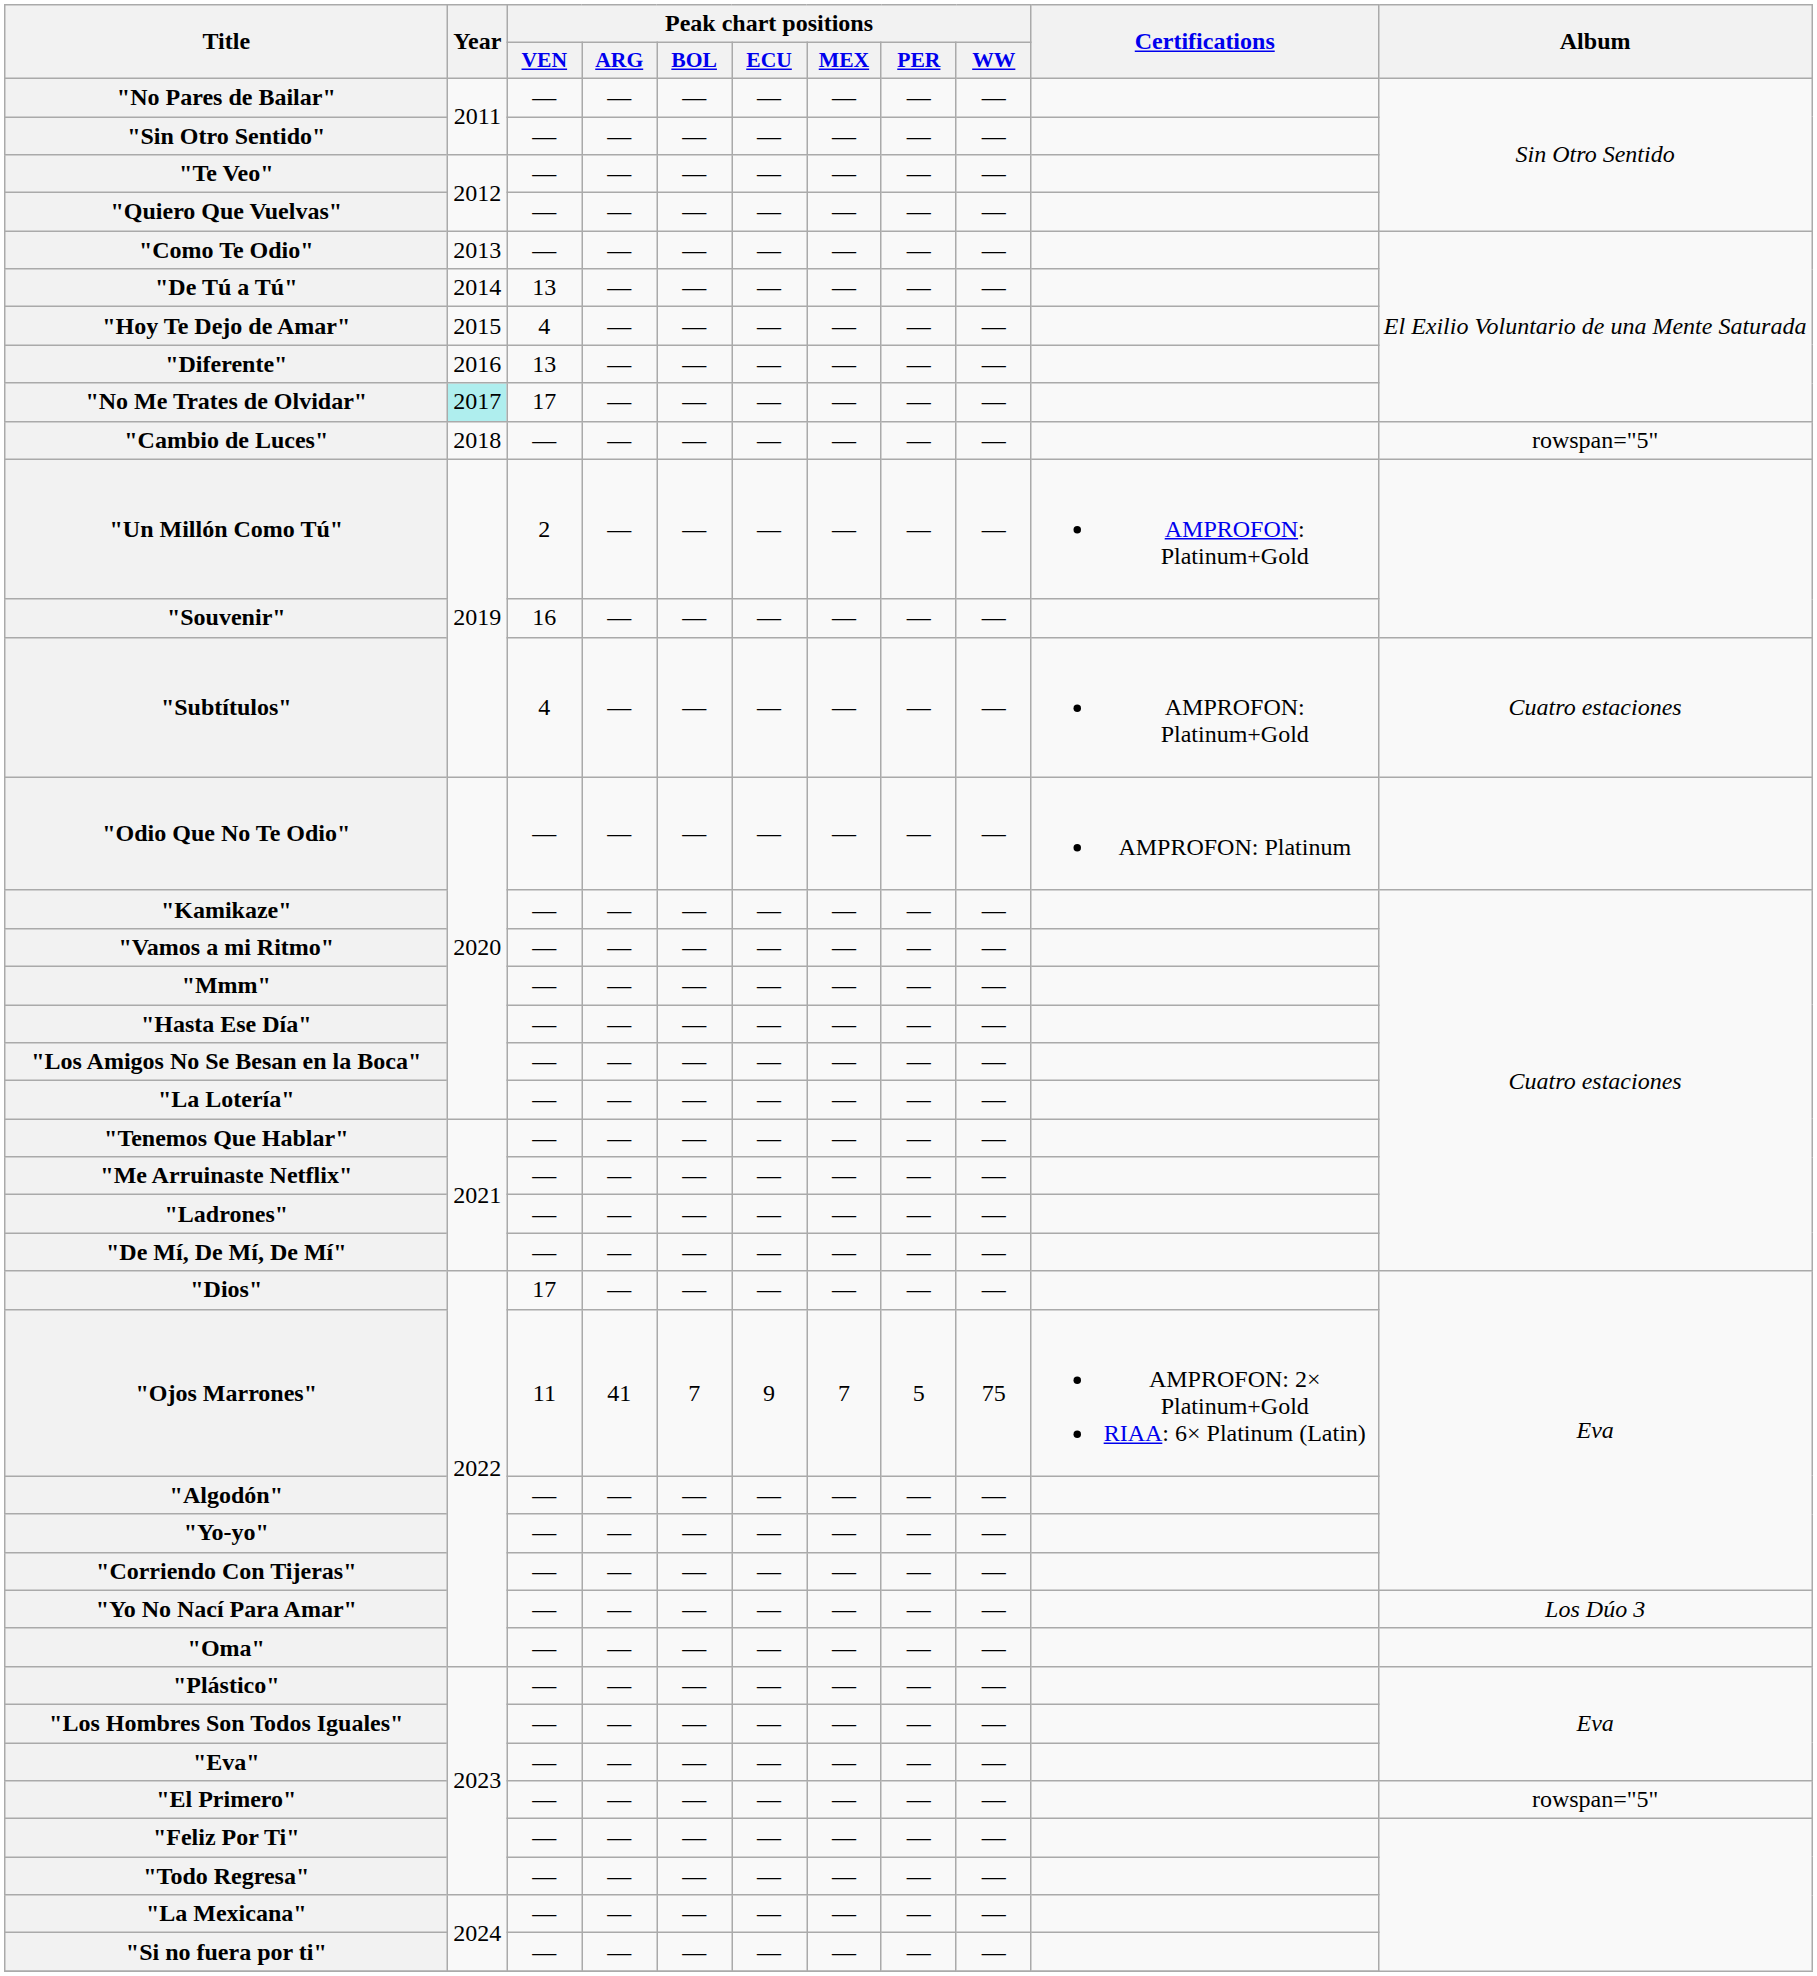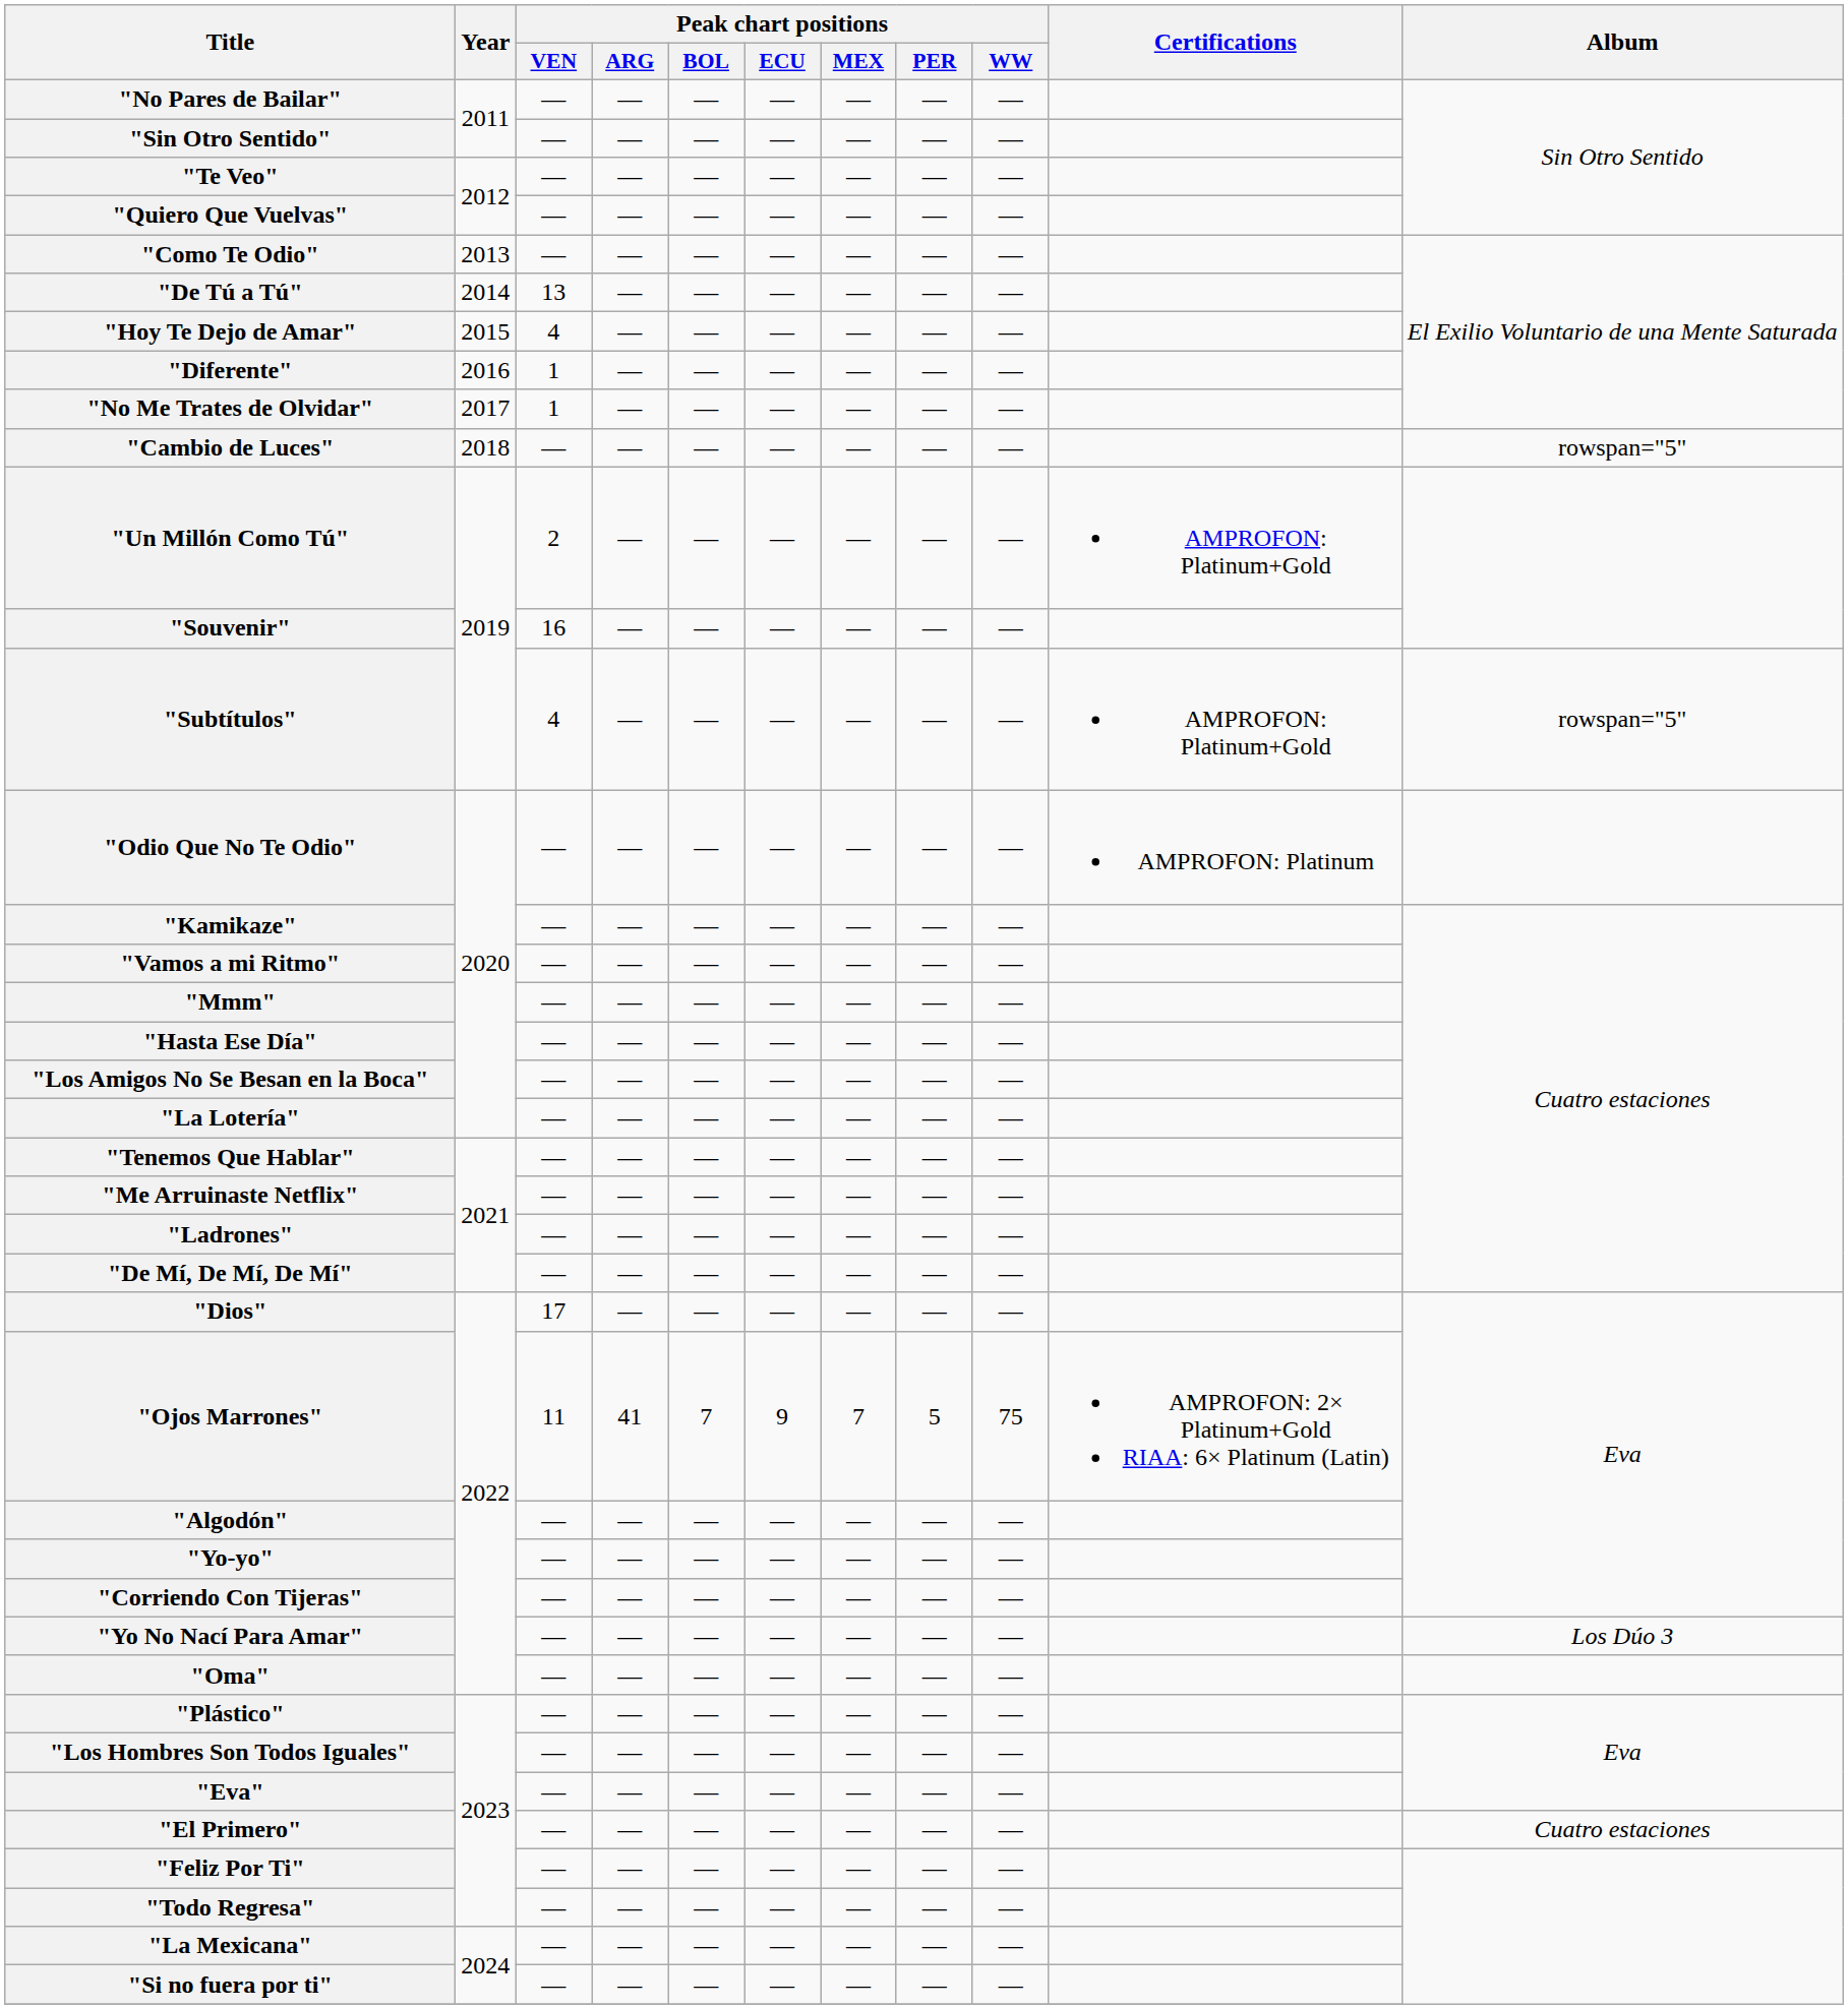 <table class="wikitable plainrowheaders" style="text-align:center;">
 <tr>
 <th scope="col" rowspan="2" style="width:18em;">Title</th>
 <th scope="col" rowspan="2">Year</th>
 <th scope="col" colspan="7">Peak chart positions</th>
 <th scope="col" rowspan="2" style="width:14em;"><a href='#'>Certifications</a></th>
 <th scope="col" rowspan="2">Album</th>
 </tr>
 <tr>
 <th scope="col" style="width:3em;font-size:90%;"><a href='#'>VEN</a><br></th>
 <th scope="col" style="width:3em;font-size:90%;"><a href='#'>ARG</a><br></th>
 <th scope="col" style="width:3em;font-size:90%;"><a href='#'>BOL</a><br></th>
 <th scope="col" style="width:3em;font-size:90%;"><a href='#'>ECU</a><br></th>
 <th scope="col" style="width:3em;font-size:90%;"><a href='#'>MEX</a><br></th>
 <th scope="col" style="width:3em;font-size:90%;"><a href='#'>PER</a><br></th>
 <th scope="col" style="width:3em;font-size:90%;"><a href='#'>WW</a><br></th>
 </tr>
 <tr>
 <th scope="row">"No Pares de Bailar"</th>
 <td rowspan="2">2011</td>
 <td>—</td>
 <td>—</td>
 <td>—</td>
 <td>—</td>
 <td>—</td>
 <td>—</td>
 <td>—</td>
 <td></td>
 <td rowspan="4"><em>Sin Otro Sentido</em></td>
 </tr>
 <tr>
 <th scope="row">"Sin Otro Sentido"</th>
 <td>—</td>
 <td>—</td>
 <td>—</td>
 <td>—</td>
 <td>—</td>
 <td>—</td>
 <td>—</td>
 <td></td>
 </tr>
 <tr>
 <th scope="row">"Te Veo"</th>
 <td rowspan="2">2012</td>
 <td>—</td>
 <td>—</td>
 <td>—</td>
 <td>—</td>
 <td>—</td>
 <td>—</td>
 <td>—</td>
 <td></td>
 </tr>
 <tr>
 <th scope="row">"Quiero Que Vuelvas"<br></th>
 <td>—</td>
 <td>—</td>
 <td>—</td>
 <td>—</td>
 <td>—</td>
 <td>—</td>
 <td>—</td>
 <td></td>
 </tr>
 <tr>
 <th scope="row">"Como Te Odio"</th>
 <td>2013</td>
 <td>—</td>
 <td>—</td>
 <td>—</td>
 <td>—</td>
 <td>—</td>
 <td>—</td>
 <td>—</td>
 <td></td>
 <td rowspan="5"><em>El Exilio Voluntario de una Mente Saturada</em></td>
 </tr>
 <tr>
 <th scope="row">"De Tú a Tú"</th>
 <td>2014</td>
 <td>13</td>
 <td>—</td>
 <td>—</td>
 <td>—</td>
 <td>—</td>
 <td>—</td>
 <td>—</td>
 <td></td>
 </tr>
 <tr>
 <th scope="row">"Hoy Te Dejo de Amar"</th>
 <td>2015</td>
 <td>4</td>
 <td>—</td>
 <td>—</td>
 <td>—</td>
 <td>—</td>
 <td>—</td>
 <td>—</td>
 <td></td>
 </tr>
 <tr>
 <th scope="row">"Diferente"</th>
 <td>2016</td>
-<td>13</td>
+<td>1</td>
 <td>—</td>
 <td>—</td>
 <td>—</td>
 <td>—</td>
 <td>—</td>
 <td>—</td>
 <td></td>
 </tr>
 <tr>
 <th scope="row">"No Me Trates de Olvidar"</th>
-<td style="background: paleturquoise;">2017</td>
-<td>17</td>
+<td>2017</td>
+<td>1</td>
 <td>—</td>
 <td>—</td>
 <td>—</td>
 <td>—</td>
 <td>—</td>
 <td>—</td>
 <td></td>
 </tr>
 <tr>
 <th scope="row">"Cambio de Luces"<br></th>
 <td>2018</td>
 <td>—</td>
 <td>—</td>
 <td>—</td>
 <td>—</td>
 <td>—</td>
 <td>—</td>
 <td>—</td>
 <td></td>
 <td>rowspan="5" </td>
 </tr>
 <tr>
 <th scope="row">"Un Millón Como Tú"<br></th>
 <td rowspan="3">2019</td>
 <td>2</td>
 <td>—</td>
 <td>—</td>
 <td>—</td>
 <td>—</td>
 <td>—</td>
 <td>—</td>
 <td><br><ul><li><a href='#'>AMPROFON</a>: Platinum+Gold</li></ul></td>
 </tr>
 <tr>
 <th scope="row">"Souvenir"</th>
 <td>16</td>
 <td>—</td>
 <td>—</td>
 <td>—</td>
 <td>—</td>
 <td>—</td>
 <td>—</td>
 <td></td>
 </tr>
 <tr>
 <th scope="row">"Subtítulos"<br></th>
 <td>4</td>
 <td>—</td>
 <td>—</td>
 <td>—</td>
 <td>—</td>
 <td>—</td>
 <td>—</td>
 <td><br><ul><li>AMPROFON: Platinum+Gold</li></ul></td>
-<td><em>Cuatro estaciones</em></td>
+<td>rowspan="5" </td>
 </tr>
 <tr>
 <th scope="row">"Odio Que No Te Odio"<br></th>
 <td rowspan="7">2020</td>
 <td>—</td>
 <td>—</td>
 <td>—</td>
 <td>—</td>
 <td>—</td>
 <td>—</td>
 <td>—</td>
 <td><br><ul><li>AMPROFON: Platinum</li></ul></td>
 <td></td>
 </tr>
 <tr>
 <th scope="row">"Kamikaze"</th>
 <td>—</td>
 <td>—</td>
 <td>—</td>
 <td>—</td>
 <td>—</td>
 <td>—</td>
 <td>—</td>
 <td></td>
 <td rowspan="10"><em>Cuatro estaciones</em></td>
 </tr>
 <tr>
 <th scope="row">"Vamos a mi Ritmo"<br></th>
 <td>—</td>
 <td>—</td>
 <td>—</td>
 <td>—</td>
 <td>—</td>
 <td>—</td>
 <td>—</td>
 <td></td>
 </tr>
 <tr>
 <th scope="row">"Mmm"</th>
 <td>—</td>
 <td>—</td>
 <td>—</td>
 <td>—</td>
 <td>—</td>
 <td>—</td>
 <td>—</td>
 <td></td>
 </tr>
 <tr>
 <th scope="row">"Hasta Ese Día"</th>
 <td>—</td>
 <td>—</td>
 <td>—</td>
 <td>—</td>
 <td>—</td>
 <td>—</td>
 <td>—</td>
 <td></td>
 </tr>
 <tr>
 <th scope="row">"Los Amigos No Se Besan en la Boca"<br></th>
 <td>—</td>
 <td>—</td>
 <td>—</td>
 <td>—</td>
 <td>—</td>
 <td>—</td>
 <td>—</td>
 <td></td>
 </tr>
 <tr>
 <th scope="row">"La Lotería"</th>
 <td>—</td>
 <td>—</td>
 <td>—</td>
 <td>—</td>
 <td>—</td>
 <td>—</td>
 <td>—</td>
 <td></td>
 </tr>
 <tr>
 <th scope="row">"Tenemos Que Hablar"</th>
 <td rowspan="4">2021</td>
 <td>—</td>
 <td>—</td>
 <td>—</td>
 <td>—</td>
 <td>—</td>
 <td>—</td>
 <td>—</td>
 <td></td>
 </tr>
 <tr>
 <th scope="row">"Me Arruinaste Netflix"<br></th>
 <td>—</td>
 <td>—</td>
 <td>—</td>
 <td>—</td>
 <td>—</td>
 <td>—</td>
 <td>—</td>
 <td></td>
 </tr>
 <tr>
 <th scope="row">"Ladrones"<br></th>
 <td>—</td>
 <td>—</td>
 <td>—</td>
 <td>—</td>
 <td>—</td>
 <td>—</td>
 <td>—</td>
 <td></td>
 </tr>
 <tr>
 <th scope="row">"De Mí, De Mí, De Mí"<br></th>
 <td>—</td>
 <td>—</td>
 <td>—</td>
 <td>—</td>
 <td>—</td>
 <td>—</td>
 <td>—</td>
 <td></td>
 </tr>
 <tr>
 <th scope="row">"Dios"</th>
 <td rowspan="7">2022</td>
 <td>17</td>
 <td>—</td>
 <td>—</td>
 <td>—</td>
 <td>—</td>
 <td>—</td>
 <td>—</td>
 <td></td>
 <td rowspan="5"><em>Eva</em></td>
 </tr>
 <tr>
 <th scope="row">"Ojos Marrones"<br></th>
 <td>11</td>
 <td>41</td>
 <td>7</td>
 <td>9</td>
 <td>7</td>
 <td>5</td>
 <td>75</td>
 <td><br><ul><li>AMPROFON: 2× Platinum+Gold</li><li><a href='#'>RIAA</a>: 6× Platinum (Latin)</li></ul></td>
 </tr>
 <tr>
 <th scope="row">"Algodón"</th>
 <td>—</td>
 <td>—</td>
 <td>—</td>
 <td>—</td>
 <td>—</td>
 <td>—</td>
 <td>—</td>
 <td></td>
 </tr>
 <tr>
 <th scope="row">"Yo-yo"</th>
 <td>—</td>
 <td>—</td>
 <td>—</td>
 <td>—</td>
 <td>—</td>
 <td>—</td>
 <td>—</td>
 <td></td>
 </tr>
 <tr>
 <th scope="row">"Corriendo Con Tijeras"</th>
 <td>—</td>
 <td>—</td>
 <td>—</td>
 <td>—</td>
 <td>—</td>
 <td>—</td>
 <td>—</td>
 <td></td>
 </tr>
 <tr>
 <th scope="row">"Yo No Nací Para Amar" <br></th>
 <td>—</td>
 <td>—</td>
 <td>—</td>
 <td>—</td>
 <td>—</td>
 <td>—</td>
 <td>—</td>
 <td></td>
 <td><em>Los Dúo 3</em></td>
 </tr>
 <tr>
 <th scope="row">"Oma"</th>
 <td>—</td>
 <td>—</td>
 <td>—</td>
 <td>—</td>
 <td>—</td>
 <td>—</td>
 <td>—</td>
 <td></td>
 <td></td>
 </tr>
 <tr>
 <th scope="row">"Plástico"</th>
 <td rowspan="6">2023</td>
 <td>—</td>
 <td>—</td>
 <td>—</td>
 <td>—</td>
 <td>—</td>
 <td>—</td>
 <td>—</td>
 <td></td>
 <td rowspan="3"><em>Eva</em></td>
 </tr>
 <tr>
 <th scope="row">"Los Hombres Son Todos Iguales"</th>
 <td>—</td>
 <td>—</td>
 <td>—</td>
 <td>—</td>
 <td>—</td>
 <td>—</td>
 <td>—</td>
 <td></td>
 </tr>
 <tr>
 <th scope="row">"Eva"</th>
 <td>—</td>
 <td>—</td>
 <td>—</td>
 <td>—</td>
 <td>—</td>
 <td>—</td>
 <td>—</td>
 <td></td>
 </tr>
 <tr>
 <th scope="row">"El Primero"</th>
 <td>—</td>
 <td>—</td>
 <td>—</td>
 <td>—</td>
 <td>—</td>
 <td>—</td>
 <td>—</td>
 <td></td>
-<td>rowspan="5" </td>
+<td><em>Cuatro estaciones</em></td>
 </tr>
 <tr>
 <th scope="row">"Feliz Por Ti"</th>
 <td>—</td>
 <td>—</td>
 <td>—</td>
 <td>—</td>
 <td>—</td>
 <td>—</td>
 <td>—</td>
 <td></td>
 </tr>
 <tr>
 <th scope="row">"Todo Regresa"</th>
 <td>—</td>
 <td>—</td>
 <td>—</td>
 <td>—</td>
 <td>—</td>
 <td>—</td>
 <td>—</td>
 <td></td>
 </tr>
 <tr>
 <th scope="row">"La Mexicana" <br></th>
 <td rowspan="2">2024</td>
 <td>—</td>
 <td>—</td>
 <td>—</td>
 <td>—</td>
 <td>—</td>
 <td>—</td>
 <td>—</td>
 <td></td>
 </tr>
 <tr>
 <th scope="row">"Si no fuera por ti" <br></th>
 <td>—</td>
 <td>—</td>
 <td>—</td>
 <td>—</td>
 <td>—</td>
 <td>—</td>
 <td>—</td>
 <td></td>
 </tr>
 <tr>
 </tr>
 </table>
